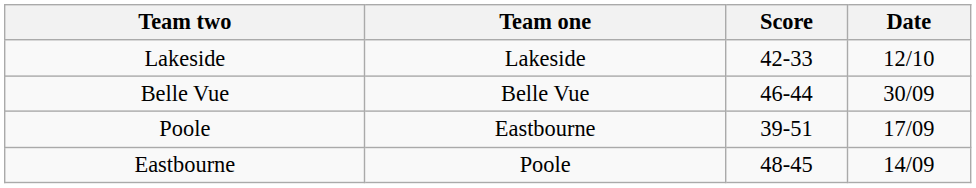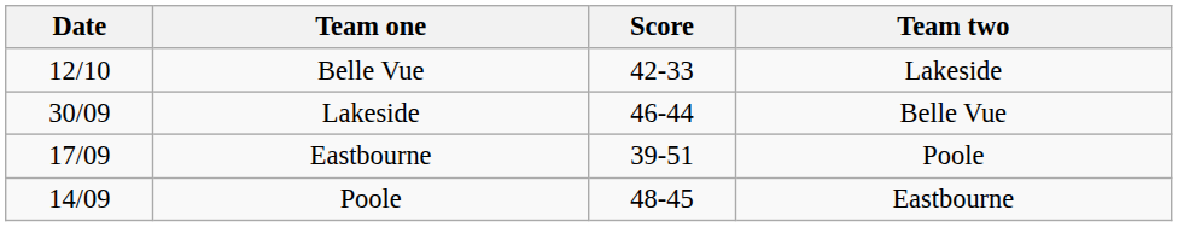 <table class="wikitable" style="text-align: center">
 <tr>
-<th width=250>Team two</th>
+<th width=80>Date</th>
 <th width=250>Team one</th>
 <th width=80>Score</th>
-<th width=80>Date</th>
+<th width=250>Team two</th>
 </tr>
 <tr>
+<td>12/10</td>
+<td>Belle Vue</td>
+<td>42-33</td>
 <td>Lakeside</td>
-<td>Lakeside</td>
-<td>42-33</td>
-<td>12/10</td>
 </tr>
 <tr>
+<td>30/09</td>
+<td>Lakeside</td>
+<td>46-44</td>
 <td>Belle Vue</td>
-<td>Belle Vue</td>
-<td>46-44</td>
-<td>30/09</td>
 </tr>
 <tr>
-<td>Poole</td>
+<td>17/09</td>
 <td>Eastbourne</td>
 <td>39-51</td>
-<td>17/09</td>
+<td>Poole</td>
 </tr>
 <tr>
-<td>Eastbourne</td>
+<td>14/09</td>
 <td>Poole</td>
 <td>48-45</td>
-<td>14/09</td>
+<td>Eastbourne</td>
 </tr>
 </table>
